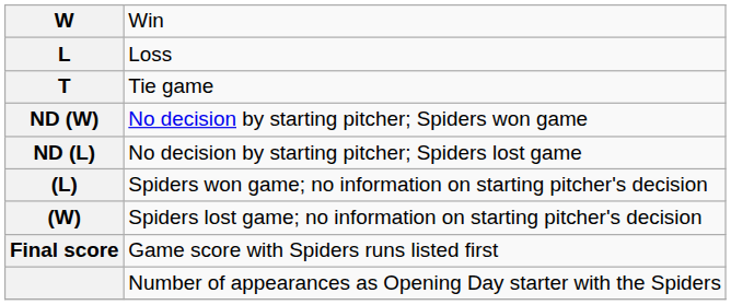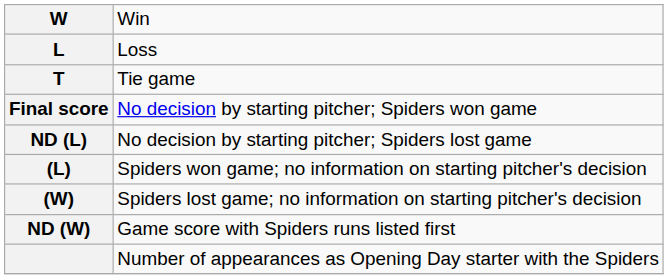 <table class="wikitable plainrowheaders">
 <tr>
 <th scope="row" align="center">W</th>
 <td>Win</td>
 </tr>
 <tr>
 <th scope="row" align="center">L</th>
 <td>Loss</td>
 </tr>
 <tr>
 <th scope="row" align="center">T</th>
 <td>Tie game</td>
 </tr>
 <tr>
-<th scope="row" align="center">ND (W)</th>
+<th scope="row" align="center">Final score</th>
 <td><a href='#'>No decision</a> by starting pitcher; Spiders won game</td>
 </tr>
 <tr>
 <th scope="row" align="center">ND (L)</th>
 <td>No decision by starting pitcher; Spiders lost game</td>
 </tr>
 <tr>
 <th scope="row" align="center">(L)</th>
 <td>Spiders won game; no information on starting pitcher's decision</td>
 </tr>
 <tr>
 <th scope="row" align="center">(W)</th>
 <td>Spiders lost game; no information on starting pitcher's decision</td>
 </tr>
 <tr>
-<th scope="row" align="center">Final score</th>
+<th scope="row" align="center">ND (W)</th>
 <td>Game score with Spiders runs listed first</td>
 </tr>
 <tr>
 <th scope="row" align="center"></th>
 <td>Number of appearances as Opening Day starter with the Spiders</td>
 </tr>
 <tr>
 </tr>
 </table>
